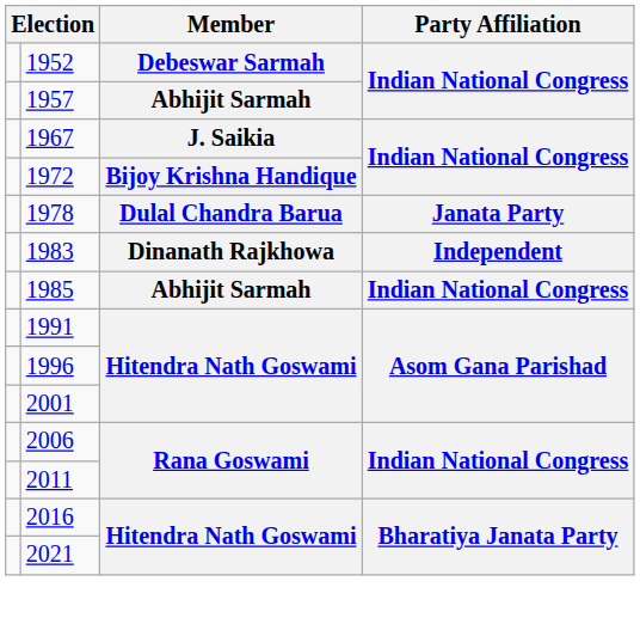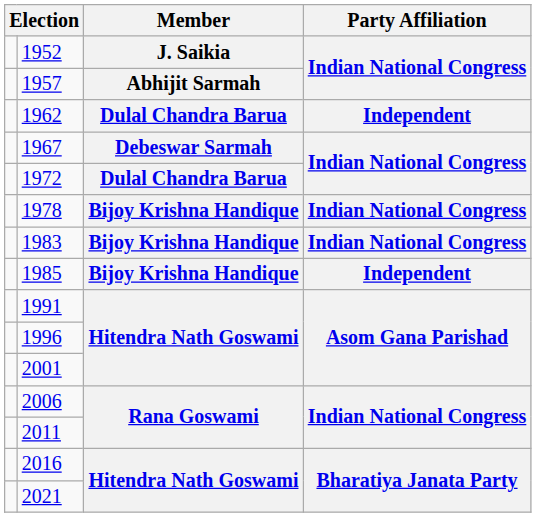 <table class="wikitable sortable">
 <tr>
 <th colspan="2">Election</th>
 <th>Member</th>
 <th>Party Affiliation</th>
 </tr>
 <tr>
 <td style="background-color: "></td>
 <td><a href='#'>1952</a></td>
-<th><a href='#'>Debeswar Sarmah</a></th>
+<th>J. Saikia</th>
 <th rowspan="2"><a href='#'>Indian National Congress</a></th>
 </tr>
 <tr>
 <td style="background-color: "></td>
 <td><a href='#'>1957</a></td>
 <th>Abhijit Sarmah</th>
 </tr>
 <tr>
 <td style="background-color: "></td>
+<td><a href='#'>1962</a></td>
+<th><a href='#'>Dulal Chandra Barua</a></th>
+<th><a href='#'>Independent</a></th>
+</tr>
+<tr>
+<td style="background-color: "></td>
 <td><a href='#'>1967</a></td>
-<th>J. Saikia</th>
+<th><a href='#'>Debeswar Sarmah</a></th>
 <th rowspan="2"><a href='#'>Indian National Congress</a></th>
 </tr>
 <tr>
 <td style="background-color: "></td>
 <td><a href='#'>1972</a></td>
-<th><a href='#'>Bijoy Krishna Handique</a></th>
+<th><a href='#'>Dulal Chandra Barua</a></th>
 </tr>
 <tr>
 <td style="background-color: "></td>
 <td><a href='#'>1978</a></td>
-<th><a href='#'>Dulal Chandra Barua</a></th>
-<th><a href='#'>Janata Party</a></th>
+<th><a href='#'>Bijoy Krishna Handique</a></th>
+<th><a href='#'>Indian National Congress</a></th>
 </tr>
 <tr>
 <td style="background-color: "></td>
 <td><a href='#'>1983</a></td>
-<th>Dinanath Rajkhowa</th>
-<th><a href='#'>Independent</a></th>
+<th><a href='#'>Bijoy Krishna Handique</a></th>
+<th><a href='#'>Indian National Congress</a></th>
 </tr>
 <tr>
 <td style="background-color: "></td>
 <td><a href='#'>1985</a></td>
-<th>Abhijit Sarmah</th>
-<th><a href='#'>Indian National Congress</a></th>
+<th><a href='#'>Bijoy Krishna Handique</a></th>
+<th><a href='#'>Independent</a></th>
 </tr>
 <tr>
 <td style="background-color: "></td>
 <td><a href='#'>1991</a></td>
 <th rowspan="3"><a href='#'>Hitendra Nath Goswami</a></th>
 <th rowspan="3"><a href='#'>Asom Gana Parishad</a></th>
 </tr>
 <tr>
 <td style="background-color: "></td>
 <td><a href='#'>1996</a></td>
 </tr>
 <tr>
 <td style="background-color: "></td>
 <td><a href='#'>2001</a></td>
 </tr>
 <tr>
 <td style="background-color: "></td>
 <td><a href='#'>2006</a></td>
 <th rowspan="2"><a href='#'>Rana Goswami</a></th>
 <th rowspan="2"><a href='#'>Indian National Congress</a></th>
 </tr>
 <tr>
 <td style="background-color: "></td>
 <td><a href='#'>2011</a></td>
 </tr>
 <tr>
 <td style="background-color: "></td>
 <td><a href='#'>2016</a></td>
 <th rowspan="2"><a href='#'>Hitendra Nath Goswami</a></th>
 <th rowspan="2"><a href='#'>Bharatiya Janata Party</a></th>
 </tr>
 <tr>
 <td style="background-color: "></td>
 <td><a href='#'>2021</a></td>
 </tr>
 </table>
